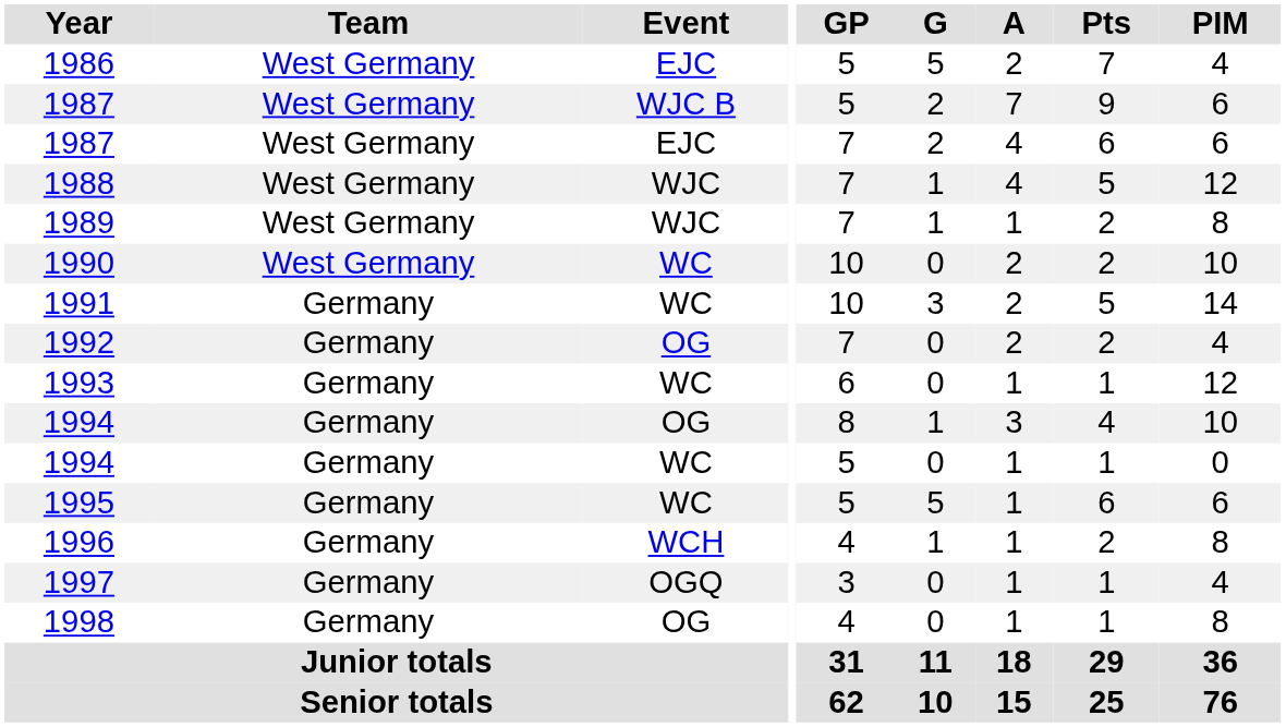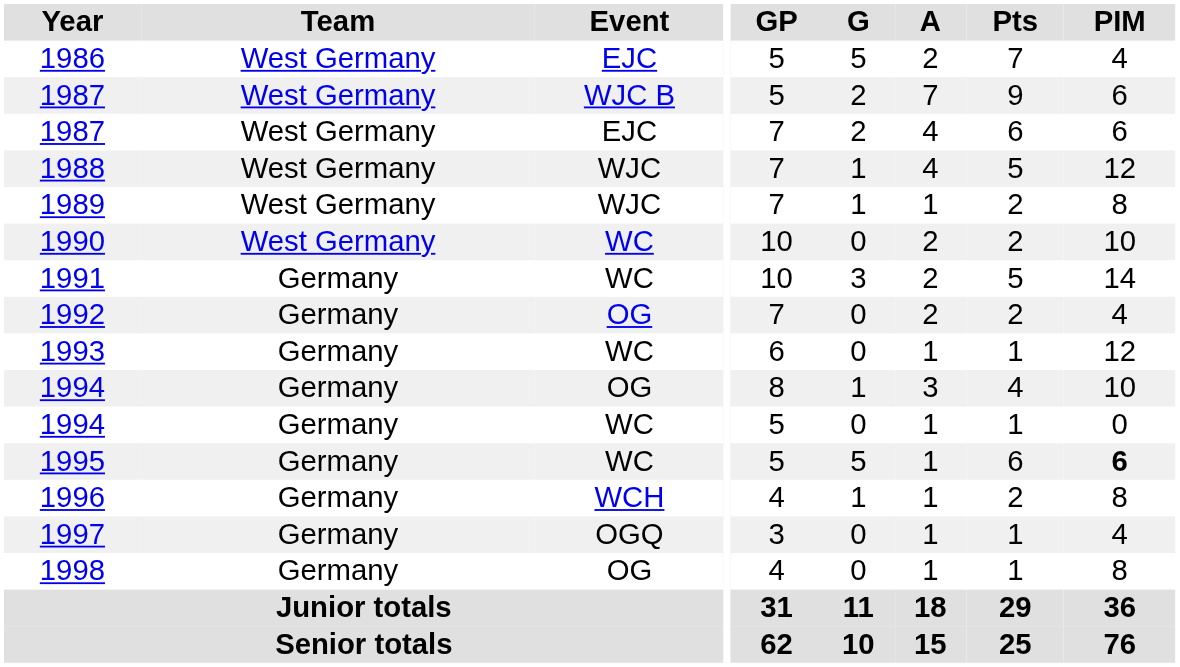 <table border="0" cellpadding="1" cellspacing="0" ID="Table3" style="text-align:center; width:40em">
 <tr ALIGN="center" bgcolor="#e0e0e0">
 <th>Year</th>
 <th>Team</th>
 <th>Event</th>
 <th rowspan="99" bgcolor="#ffffff"></th>
 <th>GP</th>
 <th>G</th>
 <th>A</th>
 <th>Pts</th>
 <th>PIM</th>
 </tr>
 <tr>
 <td><a href='#'>1986</a></td>
 <td><a href='#'>West Germany</a></td>
 <td><a href='#'>EJC</a></td>
 <td>5</td>
 <td>5</td>
 <td>2</td>
 <td>7</td>
 <td>4</td>
 </tr>
 <tr bgcolor="#f0f0f0">
 <td><a href='#'>1987</a></td>
 <td><a href='#'>West Germany</a></td>
 <td><a href='#'>WJC B</a></td>
 <td>5</td>
 <td>2</td>
 <td>7</td>
 <td>9</td>
 <td>6</td>
 </tr>
 <tr>
 <td><a href='#'>1987</a></td>
 <td>West Germany</td>
 <td>EJC</td>
 <td>7</td>
 <td>2</td>
 <td>4</td>
 <td>6</td>
 <td>6</td>
 </tr>
 <tr bgcolor="#f0f0f0">
 <td><a href='#'>1988</a></td>
 <td>West Germany</td>
 <td>WJC</td>
 <td>7</td>
 <td>1</td>
 <td>4</td>
 <td>5</td>
 <td>12</td>
 </tr>
 <tr>
 <td><a href='#'>1989</a></td>
 <td>West Germany</td>
 <td>WJC</td>
 <td>7</td>
 <td>1</td>
 <td>1</td>
 <td>2</td>
 <td>8</td>
 </tr>
 <tr bgcolor="#f0f0f0">
 <td><a href='#'>1990</a></td>
 <td><a href='#'>West Germany</a></td>
 <td><a href='#'>WC</a></td>
 <td>10</td>
 <td>0</td>
 <td>2</td>
 <td>2</td>
 <td>10</td>
 </tr>
 <tr>
 <td><a href='#'>1991</a></td>
 <td>Germany</td>
 <td>WC</td>
 <td>10</td>
 <td>3</td>
 <td>2</td>
 <td>5</td>
 <td>14</td>
 </tr>
 <tr bgcolor="#f0f0f0">
 <td><a href='#'>1992</a></td>
 <td>Germany</td>
 <td><a href='#'>OG</a></td>
 <td>7</td>
 <td>0</td>
 <td>2</td>
 <td>2</td>
 <td>4</td>
 </tr>
 <tr>
 <td><a href='#'>1993</a></td>
 <td>Germany</td>
 <td>WC</td>
 <td>6</td>
 <td>0</td>
 <td>1</td>
 <td>1</td>
 <td>12</td>
 </tr>
 <tr bgcolor="#f0f0f0">
 <td><a href='#'>1994</a></td>
 <td>Germany</td>
 <td>OG</td>
 <td>8</td>
 <td>1</td>
 <td>3</td>
 <td>4</td>
 <td>10</td>
 </tr>
 <tr>
 <td><a href='#'>1994</a></td>
 <td>Germany</td>
 <td>WC</td>
 <td>5</td>
 <td>0</td>
 <td>1</td>
 <td>1</td>
 <td>0</td>
 </tr>
 <tr bgcolor="#f0f0f0">
 <td><a href='#'>1995</a></td>
 <td>Germany</td>
 <td>WC</td>
 <td>5</td>
 <td>5</td>
 <td>1</td>
 <td>6</td>
-<td>6</td>
+<td><strong>6</strong></td>
 </tr>
 <tr>
 <td><a href='#'>1996</a></td>
 <td>Germany</td>
 <td><a href='#'>WCH</a></td>
 <td>4</td>
 <td>1</td>
 <td>1</td>
 <td>2</td>
 <td>8</td>
 </tr>
 <tr bgcolor="#f0f0f0">
 <td><a href='#'>1997</a></td>
 <td>Germany</td>
 <td>OGQ</td>
 <td>3</td>
 <td>0</td>
 <td>1</td>
 <td>1</td>
 <td>4</td>
 </tr>
 <tr>
 <td><a href='#'>1998</a></td>
 <td>Germany</td>
 <td>OG</td>
 <td>4</td>
 <td>0</td>
 <td>1</td>
 <td>1</td>
 <td>8</td>
 </tr>
 <tr bgcolor="#e0e0e0">
 <th colspan="3">Junior totals</th>
 <th>31</th>
 <th>11</th>
 <th>18</th>
 <th>29</th>
 <th>36</th>
 </tr>
 <tr bgcolor="#e0e0e0">
 <th colspan="3">Senior totals</th>
 <th>62</th>
 <th>10</th>
 <th>15</th>
 <th>25</th>
 <th>76</th>
 </tr>
 </table>
